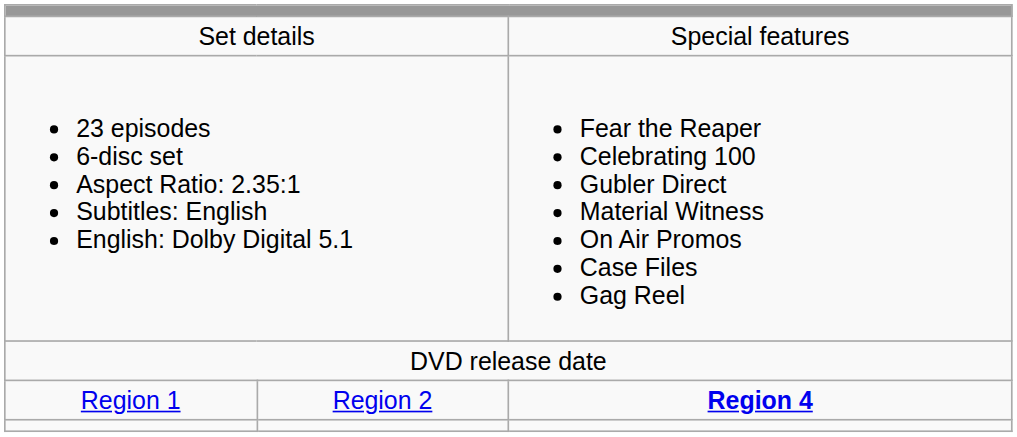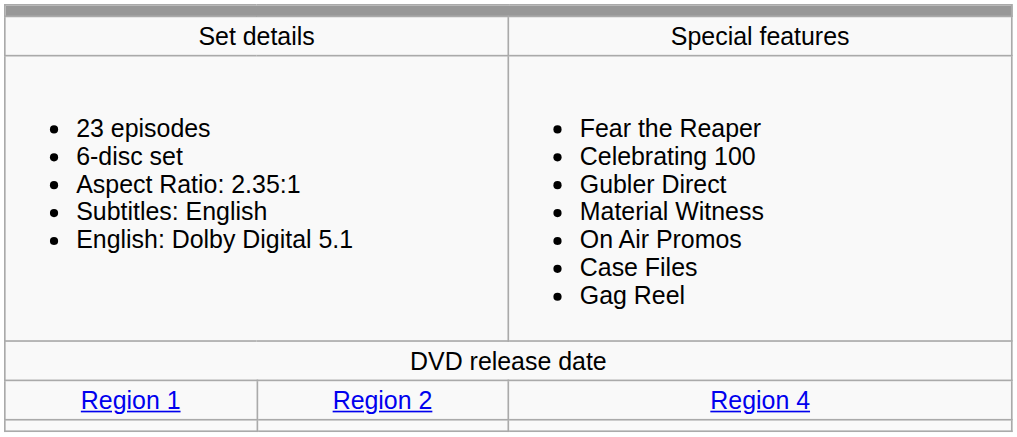 <table class="wikitable" style="font-size: 95%;">
 <tr style="background:#989898">
 <td colspan="4" style="text-align:center;"></td>
 </tr>
 <tr style="text-align:center;">
 <td style="width:300px;" colspan="2">Set details</td>
 <td style="width:300px;" colspan="2">Special features</td>
 </tr>
 <tr valign="top">
 <td colspan="2"  style="text-align:left; width:300px;"><br><ul><li>23 episodes</li><li>6-disc set</li><li>Aspect Ratio: 2.35:1</li><li>Subtitles: English</li><li>English: Dolby Digital 5.1</li></ul></td>
 <td colspan="3" style="text-align:left; width:300px;"><br><ul><li>Fear the Reaper</li><li>Celebrating 100</li><li>Gubler Direct</li><li>Material Witness</li><li>On Air Promos</li><li>Case Files</li><li>Gag Reel</li></ul></td>
 </tr>
 <tr>
 <td colspan="3" style="text-align:center;">DVD release date</td>
 </tr>
 <tr style="text-align:center;">
 <td><a href='#'>Region 1</a></td>
 <td><a href='#'>Region 2</a></td>
-<td><strong><a href='#'>Region 4</a></strong></td>
+<td><a href='#'>Region 4</a></td>
 </tr>
 <tr style="text-align:center;">
 <td></td>
 <td></td>
 <td></td>
 </tr>
 </table>
